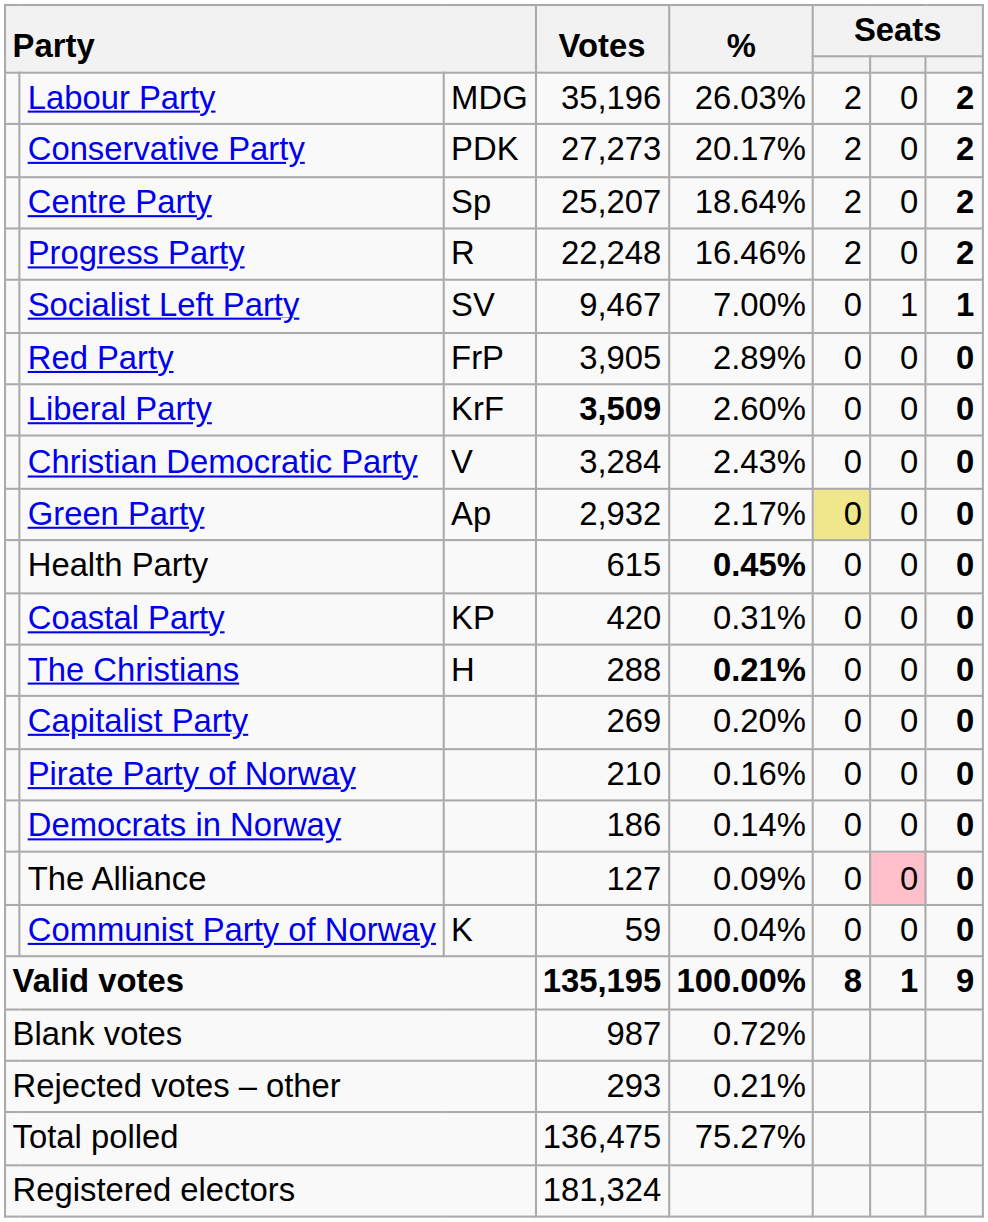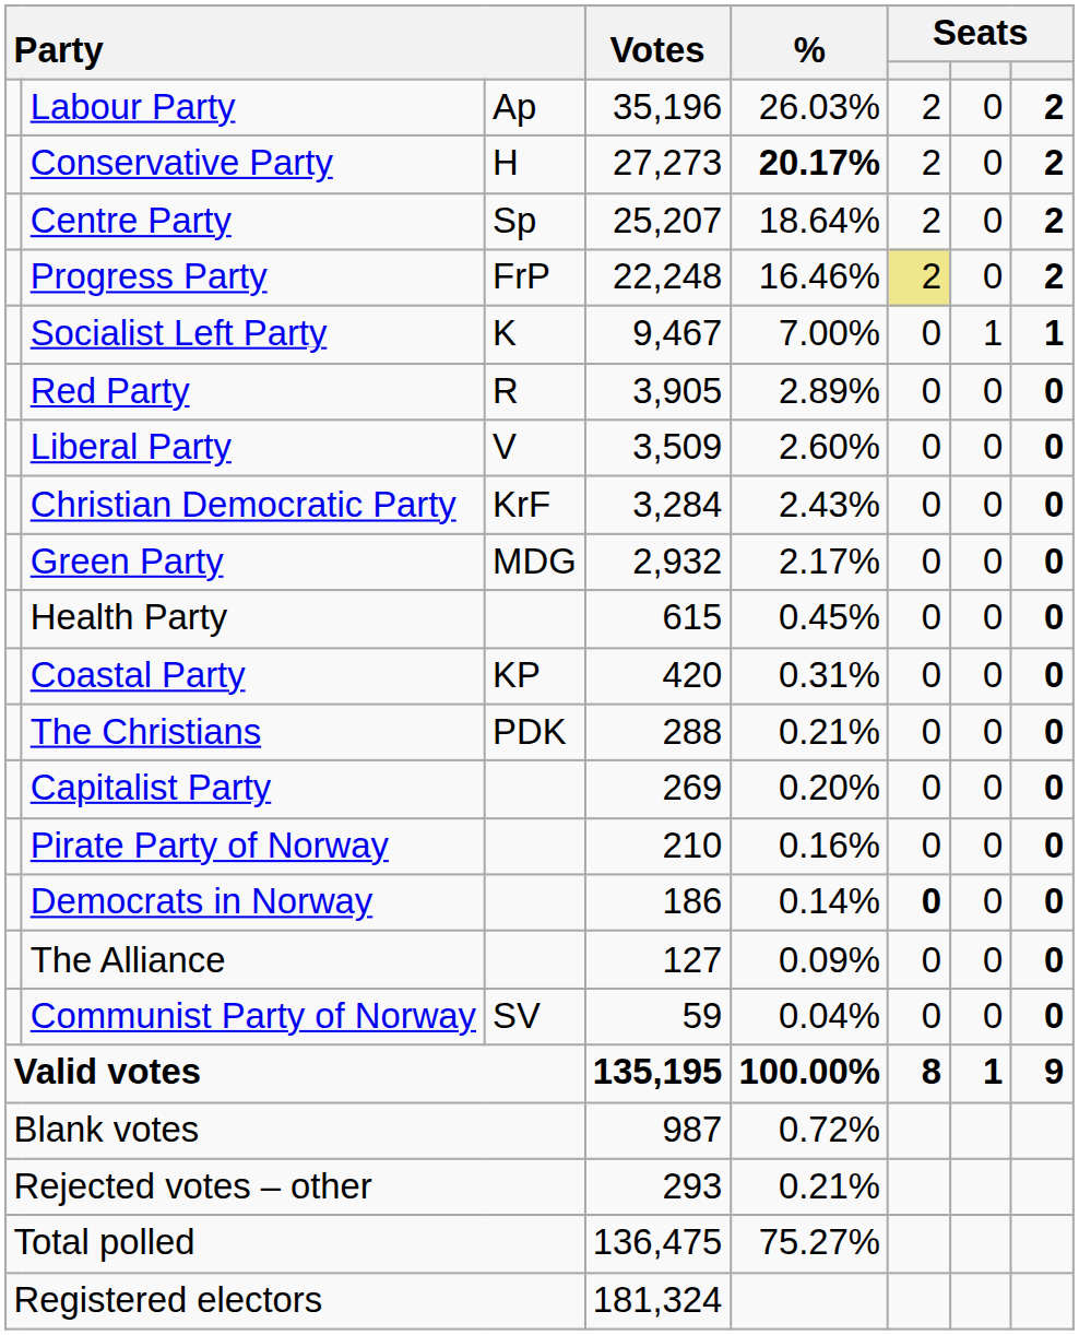 <table class="wikitable" border="1" style="text-align:right;">
 <tr>
 <th style="text-align:left;" valign=bottom rowspan=2 colspan=3>Party</th>
 <th align=center valign=bottom rowspan=2 width="50">Votes</th>
 <th align=center valign=bottom rowspan=2 width="50">%</th>
 <th colspan=3>Seats</th>
 </tr>
 <tr>
 <th align=center valign=bottom width="20"><small></small></th>
 <th align=center valign=bottom width="20"><small><a href='#'></a></small></th>
 <th align=center valign=bottom width="20"><small></small></th>
 </tr>
 <tr>
 <td style="color:inherit;background:"></td>
 <td align=left><a href='#'>Labour Party</a></td>
-<td align=left>MDG</td>
+<td align=left>Ap</td>
 <td>35,196</td>
 <td>26.03%</td>
 <td>2</td>
 <td>0</td>
 <td><strong>2</strong></td>
 </tr>
 <tr>
 <td style="color:inherit;background:"></td>
 <td align=left><a href='#'>Conservative Party</a></td>
-<td align=left>PDK</td>
+<td align=left>H</td>
 <td>27,273</td>
-<td>20.17%</td>
+<td><strong>20.17%</strong></td>
 <td>2</td>
 <td>0</td>
 <td><strong>2</strong></td>
 </tr>
 <tr>
 <td style="color:inherit;background:"></td>
 <td align=left><a href='#'>Centre Party</a></td>
 <td align=left>Sp</td>
 <td>25,207</td>
 <td>18.64%</td>
 <td>2</td>
 <td>0</td>
 <td><strong>2</strong></td>
 </tr>
 <tr>
 <td style="color:inherit;background:"></td>
 <td align=left><a href='#'>Progress Party</a></td>
-<td align=left>R</td>
+<td align=left>FrP</td>
 <td>22,248</td>
 <td>16.46%</td>
-<td>2</td>
+<td style="background: khaki;">2</td>
 <td>0</td>
 <td><strong>2</strong></td>
 </tr>
 <tr>
 <td style="color:inherit;background:"></td>
 <td align=left><a href='#'>Socialist Left Party</a></td>
-<td align=left>SV</td>
+<td align=left>K</td>
 <td>9,467</td>
 <td>7.00%</td>
 <td>0</td>
 <td>1</td>
 <td><strong>1</strong></td>
 </tr>
 <tr>
 <td style="color:inherit;background:"></td>
 <td align=left><a href='#'>Red Party</a></td>
-<td align=left>FrP</td>
+<td align=left>R</td>
 <td>3,905</td>
 <td>2.89%</td>
 <td>0</td>
 <td>0</td>
 <td><strong>0</strong></td>
 </tr>
 <tr>
 <td style="color:inherit;background:"></td>
 <td align=left><a href='#'>Liberal Party</a></td>
-<td align=left>KrF</td>
-<td><strong>3,509</strong></td>
+<td align=left>V</td>
+<td>3,509</td>
 <td>2.60%</td>
 <td>0</td>
 <td>0</td>
 <td><strong>0</strong></td>
 </tr>
 <tr>
 <td style="color:inherit;background:"></td>
 <td align=left><a href='#'>Christian Democratic Party</a></td>
-<td align=left>V</td>
+<td align=left>KrF</td>
 <td>3,284</td>
 <td>2.43%</td>
 <td>0</td>
 <td>0</td>
 <td><strong>0</strong></td>
 </tr>
 <tr>
 <td style="color:inherit;background:"></td>
 <td align=left><a href='#'>Green Party</a></td>
-<td align=left>Ap</td>
+<td align=left>MDG</td>
 <td>2,932</td>
 <td>2.17%</td>
-<td style="background: khaki;">0</td>
+<td>0</td>
 <td>0</td>
 <td><strong>0</strong></td>
 </tr>
 <tr>
 <td></td>
 <td align=left>Health Party</td>
 <td align=left></td>
 <td>615</td>
-<td><strong>0.45%</strong></td>
+<td>0.45%</td>
 <td>0</td>
 <td>0</td>
 <td><strong>0</strong></td>
 </tr>
 <tr>
 <td style="color:inherit;background:"></td>
 <td align=left><a href='#'>Coastal Party</a></td>
 <td align=left>KP</td>
 <td>420</td>
 <td>0.31%</td>
 <td>0</td>
 <td>0</td>
 <td><strong>0</strong></td>
 </tr>
 <tr>
 <td style="color:inherit;background:"></td>
 <td align=left><a href='#'>The Christians</a></td>
-<td align=left>H</td>
+<td align=left>PDK</td>
 <td>288</td>
-<td><strong>0.21%</strong></td>
+<td>0.21%</td>
 <td>0</td>
 <td>0</td>
 <td><strong>0</strong></td>
 </tr>
 <tr>
 <td style="color:inherit;background:"></td>
 <td align=left><a href='#'>Capitalist Party</a></td>
 <td align=left></td>
 <td>269</td>
 <td>0.20%</td>
 <td>0</td>
 <td>0</td>
 <td><strong>0</strong></td>
 </tr>
 <tr>
 <td style="color:inherit;background:"></td>
 <td align=left><a href='#'>Pirate Party of Norway</a></td>
 <td align=left></td>
 <td>210</td>
 <td>0.16%</td>
 <td>0</td>
 <td>0</td>
 <td><strong>0</strong></td>
 </tr>
 <tr>
 <td style="color:inherit;background:"></td>
 <td align=left><a href='#'>Democrats in Norway</a></td>
 <td align=left></td>
 <td>186</td>
 <td>0.14%</td>
-<td>0</td>
+<td><strong>0</strong></td>
 <td>0</td>
 <td><strong>0</strong></td>
 </tr>
 <tr>
 <td></td>
 <td align=left>The Alliance</td>
 <td align=left></td>
 <td>127</td>
 <td>0.09%</td>
 <td>0</td>
-<td style="background: pink;">0</td>
+<td>0</td>
 <td><strong>0</strong></td>
 </tr>
 <tr>
 <td style="color:inherit;background:"></td>
 <td align=left><a href='#'>Communist Party of Norway</a></td>
-<td align=left>K</td>
+<td align=left>SV</td>
 <td>59</td>
 <td>0.04%</td>
 <td>0</td>
 <td>0</td>
 <td><strong>0</strong></td>
 </tr>
 <tr style="font-weight:bold">
 <td align=left colspan=3>Valid votes</td>
 <td>135,195</td>
 <td>100.00%</td>
 <td>8</td>
 <td>1</td>
 <td>9</td>
 </tr>
 <tr>
 <td align=left colspan=3>Blank votes</td>
 <td>987</td>
 <td>0.72%</td>
 <td></td>
 <td></td>
 <td></td>
 </tr>
 <tr>
 <td align=left colspan=3>Rejected votes – other</td>
 <td>293</td>
 <td>0.21%</td>
 <td></td>
 <td></td>
 <td></td>
 </tr>
 <tr>
 <td align=left colspan=3>Total polled</td>
 <td>136,475</td>
 <td>75.27%</td>
 <td></td>
 <td></td>
 <td></td>
 </tr>
 <tr>
 <td align=left colspan=3>Registered electors</td>
 <td>181,324</td>
 <td></td>
 <td></td>
 <td></td>
 <td></td>
 </tr>
 </table>
